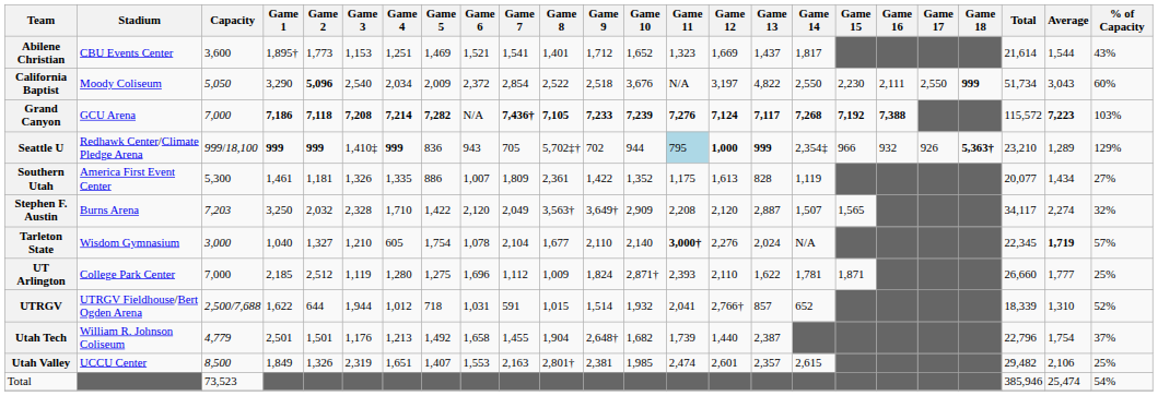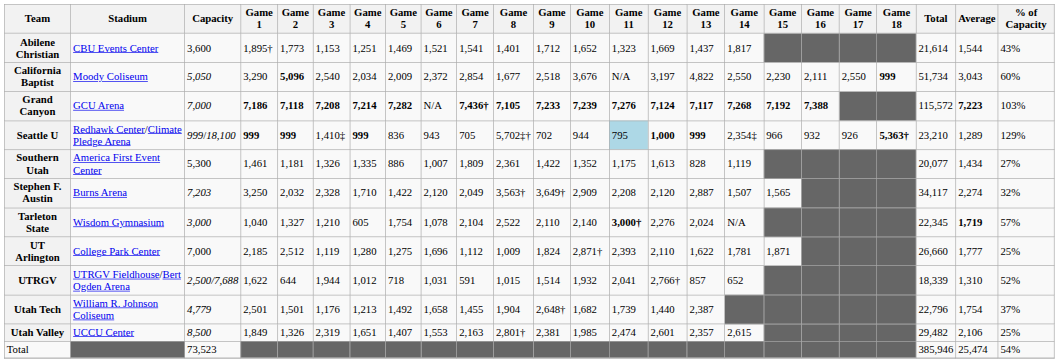 <table class="wikitable">
 <tr>
 <th>Team</th>
 <th>Stadium</th>
 <th>Capacity</th>
 <th>Game 1</th>
 <th>Game 2</th>
 <th>Game 3</th>
 <th>Game 4</th>
 <th>Game 5</th>
 <th>Game 6</th>
 <th>Game 7</th>
 <th>Game 8</th>
 <th>Game 9</th>
 <th>Game 10</th>
 <th>Game 11</th>
 <th>Game 12</th>
 <th>Game 13</th>
 <th>Game 14</th>
 <th>Game 15</th>
 <th>Game 16</th>
 <th>Game 17</th>
 <th>Game 18</th>
 <th>Total</th>
 <th>Average</th>
 <th>% of Capacity</th>
 </tr>
 <tr>
 <th style=>Abilene Christian</th>
 <td><a href='#'>CBU Events Center</a></td>
 <td>3,600</td>
 <td>1,895†</td>
 <td>1,773</td>
 <td>1,153</td>
 <td>1,251</td>
 <td>1,469</td>
 <td>1,521</td>
 <td>1,541</td>
 <td>1,401</td>
 <td>1,712</td>
 <td>1,652</td>
 <td>1,323</td>
 <td>1,669</td>
 <td>1,437</td>
 <td>1,817</td>
 <td style="background:#666666;"></td>
 <td style="background:#666666;"></td>
 <td style="background:#666666;"></td>
 <td style="background:#666666;"></td>
 <td>21,614</td>
 <td>1,544</td>
 <td>43%</td>
 </tr>
 <tr>
 <th style=>California Baptist</th>
 <td><a href='#'>Moody Coliseum</a></td>
 <td><em>5,050</em></td>
 <td>3,290</td>
 <td><strong>5,096</strong></td>
 <td>2,540</td>
 <td>2,034</td>
 <td>2,009</td>
 <td>2,372</td>
 <td>2,854</td>
-<td>2,522</td>
+<td>1,677</td>
 <td>2,518</td>
 <td>3,676</td>
 <td>N/A</td>
 <td>3,197</td>
 <td>4,822</td>
 <td>2,550</td>
 <td>2,230</td>
 <td>2,111</td>
 <td>2,550</td>
 <td><strong>999</strong></td>
 <td>51,734</td>
 <td>3,043</td>
 <td>60%</td>
 </tr>
 <tr>
 <th style=>Grand Canyon</th>
 <td><a href='#'>GCU Arena</a></td>
 <td><em>7,000</em></td>
 <td><strong>7,186</strong></td>
 <td><strong>7,118</strong></td>
 <td><strong>7,208</strong></td>
 <td><strong>7,214</strong></td>
 <td><strong>7,282</strong></td>
 <td>N/A</td>
 <td><strong>7,436†</strong></td>
 <td><strong>7,105</strong></td>
 <td><strong>7,233</strong></td>
 <td><strong>7,239</strong></td>
 <td><strong>7,276</strong></td>
 <td><strong>7,124</strong></td>
 <td><strong>7,117</strong></td>
 <td><strong>7,268</strong></td>
 <td><strong>7,192</strong></td>
 <td><strong>7,388</strong></td>
 <td style="background:#666666;"></td>
 <td style="background:#666666;"></td>
 <td>115,572</td>
 <td><strong>7,223</strong></td>
 <td>103%</td>
 </tr>
 <tr>
 <th>Seattle U</th>
 <td><a href='#'>Redhawk Center</a>/<a href='#'>Climate Pledge Arena</a></td>
 <td><em>999</em>/<em>18,100</em></td>
 <td><strong>999</strong></td>
 <td><strong>999</strong></td>
 <td>1,410‡</td>
 <td><strong>999</strong></td>
 <td>836</td>
 <td>943</td>
 <td>705</td>
 <td>5,702‡†</td>
 <td>702</td>
 <td>944</td>
 <td style="background: lightblue;">795</td>
 <td><strong>1,000</strong></td>
 <td><strong>999</strong></td>
 <td>2,354‡</td>
 <td>966</td>
 <td>932</td>
 <td>926</td>
 <td><strong>5,363†</strong></td>
 <td>23,210</td>
 <td>1,289</td>
 <td>129%</td>
 </tr>
 <tr>
 <th>Southern Utah</th>
 <td><a href='#'>America First Event Center</a></td>
 <td>5,300</td>
 <td>1,461</td>
 <td>1,181</td>
 <td>1,326</td>
 <td>1,335</td>
 <td>886</td>
 <td>1,007</td>
 <td>1,809</td>
 <td>2,361</td>
 <td>1,422</td>
 <td>1,352</td>
 <td>1,175</td>
 <td>1,613</td>
 <td>828</td>
 <td>1,119</td>
 <td style="background:#666666;"></td>
 <td style="background:#666666;"></td>
 <td style="background:#666666;"></td>
 <td style="background:#666666;"></td>
 <td>20,077</td>
 <td>1,434</td>
 <td>27%</td>
 </tr>
 <tr>
 <th>Stephen F. Austin</th>
 <td><a href='#'>Burns Arena</a></td>
 <td><em>7,203</em></td>
 <td>3,250</td>
 <td>2,032</td>
 <td>2,328</td>
 <td>1,710</td>
 <td>1,422</td>
 <td>2,120</td>
 <td>2,049</td>
 <td>3,563†</td>
 <td>3,649†</td>
 <td>2,909</td>
 <td>2,208</td>
 <td>2,120</td>
 <td>2,887</td>
 <td>1,507</td>
 <td>1,565</td>
 <td style="background:#666666;"></td>
 <td style="background:#666666;"></td>
 <td style="background:#666666;"></td>
 <td>34,117</td>
 <td>2,274</td>
 <td>32%</td>
 </tr>
 <tr>
 <th>Tarleton State</th>
 <td><a href='#'>Wisdom Gymnasium</a></td>
 <td><em>3,000</em></td>
 <td>1,040</td>
 <td>1,327</td>
 <td>1,210</td>
 <td>605</td>
 <td>1,754</td>
 <td>1,078</td>
 <td>2,104</td>
-<td>1,677</td>
+<td>2,522</td>
 <td>2,110</td>
 <td>2,140</td>
 <td><strong>3,000†</strong></td>
 <td>2,276</td>
 <td>2,024</td>
 <td>N/A</td>
 <td style="background:#666666;"></td>
 <td style="background:#666666;"></td>
 <td style="background:#666666;"></td>
 <td style="background:#666666;"></td>
 <td>22,345</td>
 <td><strong>1,719</strong></td>
 <td>57%</td>
 </tr>
 <tr>
 <th>UT Arlington</th>
 <td><a href='#'>College Park Center</a></td>
 <td>7,000</td>
 <td>2,185</td>
 <td>2,512</td>
 <td>1,119</td>
 <td>1,280</td>
 <td>1,275</td>
 <td>1,696</td>
 <td>1,112</td>
 <td>1,009</td>
 <td>1,824</td>
 <td>2,871†</td>
 <td>2,393</td>
 <td>2,110</td>
 <td>1,622</td>
 <td>1,781</td>
 <td>1,871</td>
 <td style="background:#666666;"></td>
 <td style="background:#666666;"></td>
 <td style="background:#666666;"></td>
 <td>26,660</td>
 <td>1,777</td>
 <td>25%</td>
 </tr>
 <tr>
 <th>UTRGV</th>
 <td><a href='#'>UTRGV Fieldhouse</a>/<a href='#'>Bert Ogden Arena</a></td>
 <td><em>2,500/7,688</em></td>
 <td>1,622</td>
 <td>644</td>
 <td>1,944</td>
 <td>1,012</td>
 <td>718</td>
 <td>1,031</td>
 <td>591</td>
 <td>1,015</td>
 <td>1,514</td>
 <td>1,932</td>
 <td>2,041</td>
 <td>2,766†</td>
 <td>857</td>
 <td>652</td>
 <td style="background:#666666;"></td>
 <td style="background:#666666;"></td>
 <td style="background:#666666;"></td>
 <td style="background:#666666;"></td>
 <td>18,339</td>
 <td>1,310</td>
 <td>52%</td>
 </tr>
 <tr>
 <th>Utah Tech</th>
 <td><a href='#'>William R. Johnson Coliseum</a></td>
 <td><em>4,779</em></td>
 <td>2,501</td>
 <td>1,501</td>
 <td>1,176</td>
 <td>1,213</td>
 <td>1,492</td>
 <td>1,658</td>
 <td>1,455</td>
 <td>1,904</td>
 <td>2,648†</td>
 <td>1,682</td>
 <td>1,739</td>
 <td>1,440</td>
 <td>2,387</td>
 <td style="background:#666666;"></td>
 <td style="background:#666666;"></td>
 <td style="background:#666666;"></td>
 <td style="background:#666666;"></td>
 <td style="background:#666666;"></td>
 <td>22,796</td>
 <td>1,754</td>
 <td>37%</td>
 </tr>
 <tr>
 <th>Utah Valley</th>
 <td><a href='#'>UCCU Center</a></td>
 <td><em>8,500</em></td>
 <td>1,849</td>
 <td>1,326</td>
 <td>2,319</td>
 <td>1,651</td>
 <td>1,407</td>
 <td>1,553</td>
 <td>2,163</td>
 <td>2,801†</td>
 <td>2,381</td>
 <td>1,985</td>
 <td>2,474</td>
 <td>2,601</td>
 <td>2,357</td>
 <td>2,615</td>
 <td style="background:#666666;"></td>
 <td style="background:#666666;"></td>
 <td style="background:#666666;"></td>
 <td style="background:#666666;"></td>
 <td>29,482</td>
 <td>2,106</td>
 <td>25%</td>
 </tr>
 <tr>
 <td>Total</td>
 <td style="background:#666666;"></td>
 <td>73,523</td>
 <td style="background:#666666;"></td>
 <td style="background:#666666;"></td>
 <td style="background:#666666;"></td>
 <td style="background:#666666;"></td>
 <td style="background:#666666;"></td>
 <td style="background:#666666;"></td>
 <td style="background:#666666;"></td>
 <td style="background:#666666;"></td>
 <td style="background:#666666;"></td>
 <td style="background:#666666;"></td>
 <td style="background:#666666;"></td>
 <td style="background:#666666;"></td>
 <td style="background:#666666;"></td>
 <td style="background:#666666;"></td>
 <td style="background:#666666;"></td>
 <td style="background:#666666;"></td>
 <td style="background:#666666;"></td>
 <td style="background:#666666;"></td>
 <td>385,946</td>
 <td>25,474</td>
 <td>54%</td>
 </tr>
 <tr>
 </tr>
 </table>
